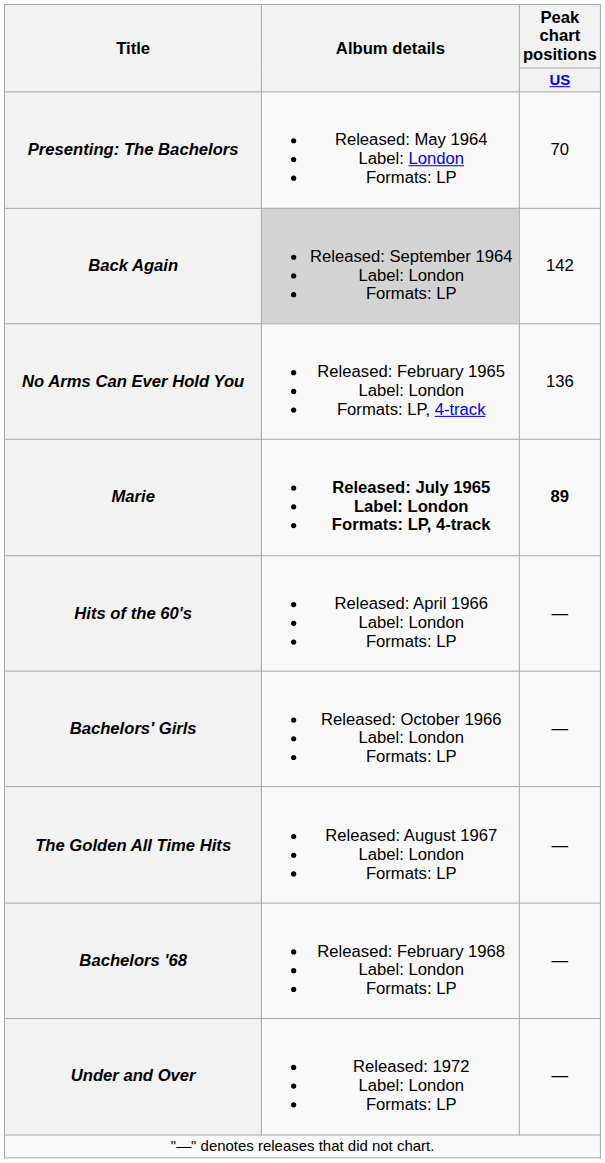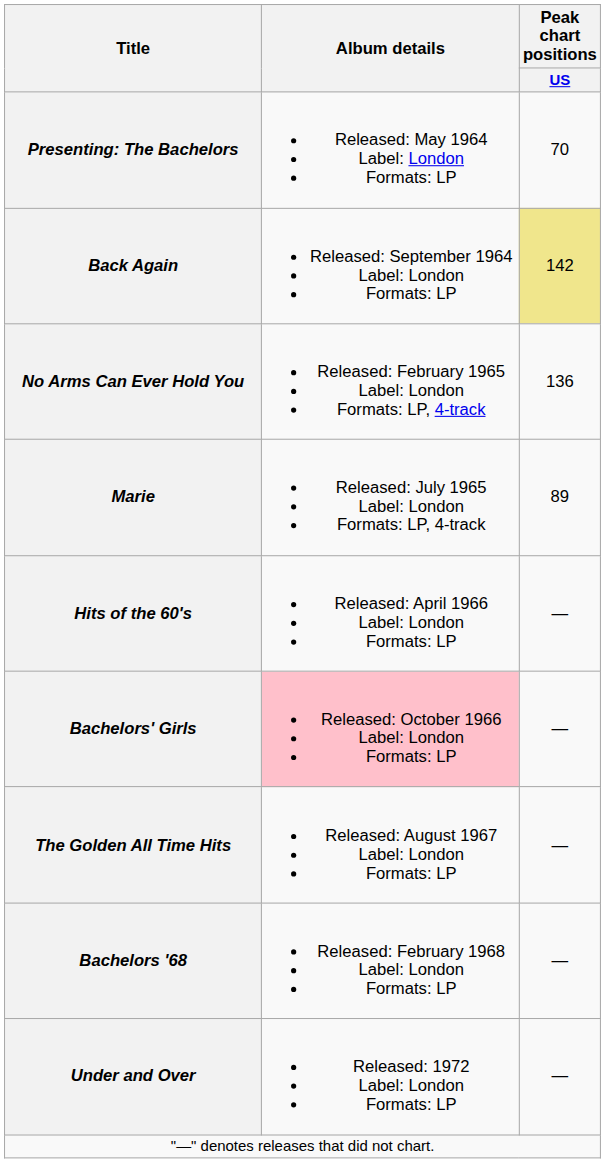 <table class="wikitable plainrowheaders" style="text-align:center;">
 <tr>
 <th rowspan="2" scope="col" style="width:15em;">Title</th>
 <th rowspan="2" scope="col" style="width:15em;">Album details</th>
 <th>Peak chart positions</th>
 </tr>
 <tr>
 <th scope="col" style="width:2em;font-size:90%;"><a href='#'>US</a><br></th>
 </tr>
 <tr>
 <th scope="row"><em>Presenting: The Bachelors</em></th>
 <td><br><ul><li>Released: May 1964</li><li>Label: <a href='#'>London</a></li><li>Formats: LP</li></ul></td>
 <td>70</td>
 </tr>
 <tr>
 <th scope="row"><em>Back Again</em></th>
-<td style="background: lightgrey;"><br><ul><li>Released: September 1964</li><li>Label: London</li><li>Formats: LP</li></ul></td>
-<td>142</td>
+<td><br><ul><li>Released: September 1964</li><li>Label: London</li><li>Formats: LP</li></ul></td>
+<td style="background: khaki;">142</td>
 </tr>
 <tr>
 <th scope="row"><em>No Arms Can Ever Hold You</em></th>
 <td><br><ul><li>Released: February 1965</li><li>Label: London</li><li>Formats: LP, <a href='#'>4-track</a></li></ul></td>
 <td>136</td>
 </tr>
 <tr>
 <th scope="row"><em>Marie</em></th>
-<td><strong><br><ul><li>Released: July 1965</li><li>Label: London</li><li>Formats: LP, 4-track</li></ul></strong></td>
-<td><strong>89</strong></td>
+<td><br><ul><li>Released: July 1965</li><li>Label: London</li><li>Formats: LP, 4-track</li></ul></td>
+<td>89</td>
 </tr>
 <tr>
 <th scope="row"><em>Hits of the 60's</em></th>
 <td><br><ul><li>Released: April 1966</li><li>Label: London</li><li>Formats: LP</li></ul></td>
 <td>—</td>
 </tr>
 <tr>
 <th scope="row"><em>Bachelors' Girls</em></th>
-<td><br><ul><li>Released: October 1966</li><li>Label: London</li><li>Formats: LP</li></ul></td>
+<td style="background: pink;"><br><ul><li>Released: October 1966</li><li>Label: London</li><li>Formats: LP</li></ul></td>
 <td>—</td>
 </tr>
 <tr>
 <th scope="row"><em>The Golden All Time Hits</em></th>
 <td><br><ul><li>Released: August 1967</li><li>Label: London</li><li>Formats: LP</li></ul></td>
 <td>—</td>
 </tr>
 <tr>
 <th scope="row"><em>Bachelors '68</em></th>
 <td><br><ul><li>Released: February 1968</li><li>Label: London</li><li>Formats: LP</li></ul></td>
 <td>—</td>
 </tr>
 <tr>
 <th scope="row"><em>Under and Over</em></th>
 <td><br><ul><li>Released: 1972</li><li>Label: London</li><li>Formats: LP</li></ul></td>
 <td>—</td>
 </tr>
 <tr>
 <td colspan="3" style="font-size:90%">"—" denotes releases that did not chart.</td>
 </tr>
 </table>
